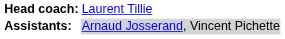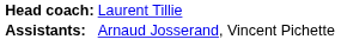 <table>
 <tr>
 <td><strong>Head coach:</strong></td>
 <td><a href='#'>Laurent Tillie</a></td>
 </tr>
 <tr>
 <td><strong>Assistants:</strong></td>
-<td style="background: lightgrey;"><a href='#'>Arnaud Josserand</a>, Vincent Pichette</td>
+<td><a href='#'>Arnaud Josserand</a>, Vincent Pichette</td>
 </tr>
 </table>
